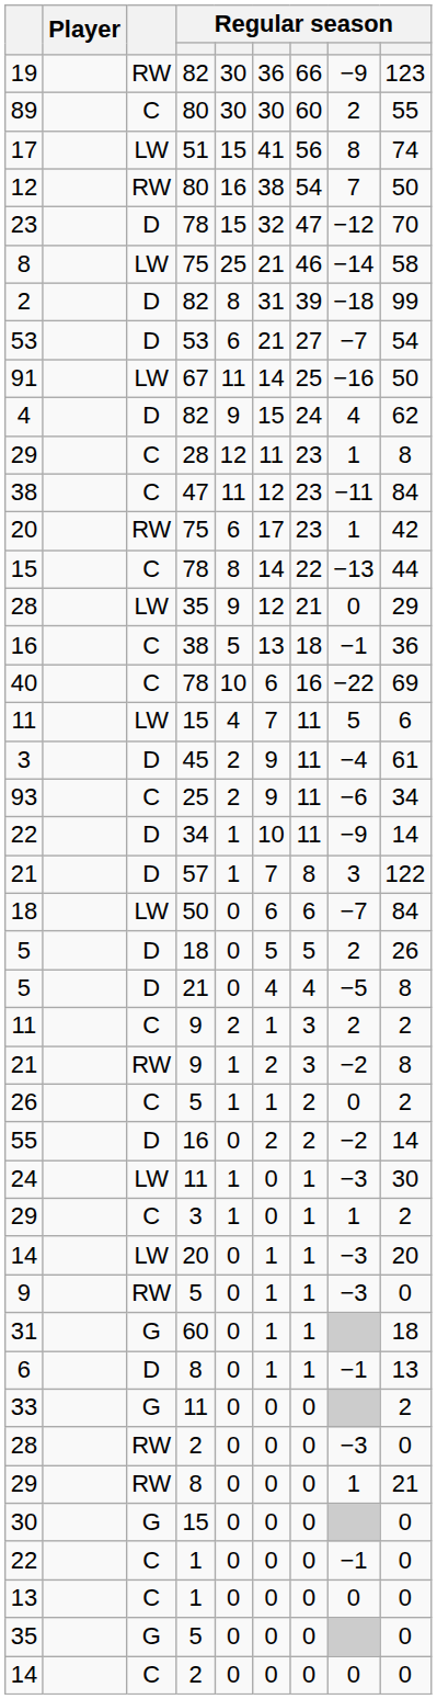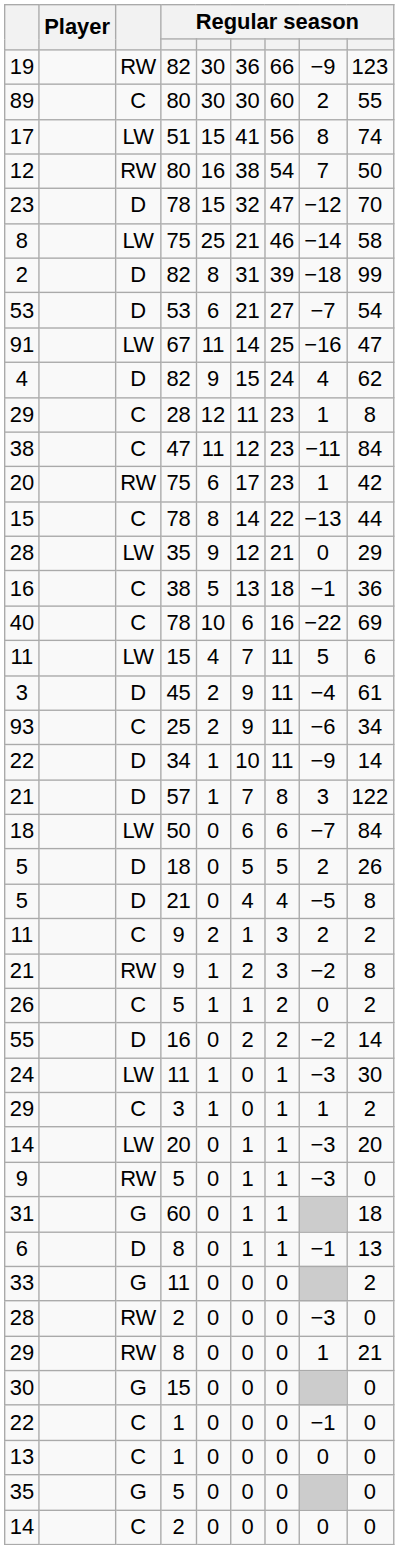 <table class="wikitable sortable plainrowheaders" style="text-align:center;">
 <tr>
 <th scope="col" data-sort-type="number" rowspan="2"></th>
 <th scope="col" rowspan="2">Player</th>
 <th scope="col" rowspan="2"></th>
 <th scope=colgroup colspan=6>Regular season</th>
 </tr>
 <tr>
 <th scope="col" data-sort-type="number"></th>
 <th scope="col" data-sort-type="number"></th>
 <th scope="col" data-sort-type="number"></th>
 <th scope="col" data-sort-type="number"></th>
 <th scope="col" data-sort-type="number"></th>
 <th scope="col" data-sort-type="number"></th>
 </tr>
 <tr>
 <td scope="row">19</td>
 <td align="left"></td>
 <td>RW</td>
 <td>82</td>
 <td>30</td>
 <td>36</td>
 <td>66</td>
 <td>−9</td>
 <td>123</td>
 </tr>
 <tr>
 <td scope="row">89</td>
 <td align="left"></td>
 <td>C</td>
 <td>80</td>
 <td>30</td>
 <td>30</td>
 <td>60</td>
 <td>2</td>
 <td>55</td>
 </tr>
 <tr>
 <td scope="row">17</td>
 <td align="left"></td>
 <td>LW</td>
 <td>51</td>
 <td>15</td>
 <td>41</td>
 <td>56</td>
 <td>8</td>
 <td>74</td>
 </tr>
 <tr>
 <td scope="row">12</td>
 <td align="left"></td>
 <td>RW</td>
 <td>80</td>
 <td>16</td>
 <td>38</td>
 <td>54</td>
 <td>7</td>
 <td>50</td>
 </tr>
 <tr>
 <td scope="row">23</td>
 <td align="left"></td>
 <td>D</td>
 <td>78</td>
 <td>15</td>
 <td>32</td>
 <td>47</td>
 <td>−12</td>
 <td>70</td>
 </tr>
 <tr>
 <td scope="row">8</td>
 <td align="left"></td>
 <td>LW</td>
 <td>75</td>
 <td>25</td>
 <td>21</td>
 <td>46</td>
 <td>−14</td>
 <td>58</td>
 </tr>
 <tr>
 <td scope="row">2</td>
 <td align="left"></td>
 <td>D</td>
 <td>82</td>
 <td>8</td>
 <td>31</td>
 <td>39</td>
 <td>−18</td>
 <td>99</td>
 </tr>
 <tr>
 <td scope="row">53</td>
 <td align="left"></td>
 <td>D</td>
 <td>53</td>
 <td>6</td>
 <td>21</td>
 <td>27</td>
 <td>−7</td>
 <td>54</td>
 </tr>
 <tr>
 <td scope="row">91</td>
 <td align="left"></td>
 <td>LW</td>
 <td>67</td>
 <td>11</td>
 <td>14</td>
 <td>25</td>
 <td>−16</td>
-<td>50</td>
+<td>47</td>
 </tr>
 <tr>
 <td scope="row">4</td>
 <td align="left"></td>
 <td>D</td>
 <td>82</td>
 <td>9</td>
 <td>15</td>
 <td>24</td>
 <td>4</td>
 <td>62</td>
 </tr>
 <tr>
 <td scope="row">29</td>
 <td align="left"></td>
 <td>C</td>
 <td>28</td>
 <td>12</td>
 <td>11</td>
 <td>23</td>
 <td>1</td>
 <td>8</td>
 </tr>
 <tr>
 <td scope="row">38</td>
 <td align="left"></td>
 <td>C</td>
 <td>47</td>
 <td>11</td>
 <td>12</td>
 <td>23</td>
 <td>−11</td>
 <td>84</td>
 </tr>
 <tr>
 <td scope="row">20</td>
 <td align="left"></td>
 <td>RW</td>
 <td>75</td>
 <td>6</td>
 <td>17</td>
 <td>23</td>
 <td>1</td>
 <td>42</td>
 </tr>
 <tr>
 <td scope="row">15</td>
 <td align="left"></td>
 <td>C</td>
 <td>78</td>
 <td>8</td>
 <td>14</td>
 <td>22</td>
 <td>−13</td>
 <td>44</td>
 </tr>
 <tr>
 <td scope="row">28</td>
 <td align="left"></td>
 <td>LW</td>
 <td>35</td>
 <td>9</td>
 <td>12</td>
 <td>21</td>
 <td>0</td>
 <td>29</td>
 </tr>
 <tr>
 <td scope="row">16</td>
 <td align="left"></td>
 <td>C</td>
 <td>38</td>
 <td>5</td>
 <td>13</td>
 <td>18</td>
 <td>−1</td>
 <td>36</td>
 </tr>
 <tr>
 <td scope="row">40</td>
 <td align="left"></td>
 <td>C</td>
 <td>78</td>
 <td>10</td>
 <td>6</td>
 <td>16</td>
 <td>−22</td>
 <td>69</td>
 </tr>
 <tr>
 <td scope="row">11</td>
 <td align="left"></td>
 <td>LW</td>
 <td>15</td>
 <td>4</td>
 <td>7</td>
 <td>11</td>
 <td>5</td>
 <td>6</td>
 </tr>
 <tr>
 <td scope="row">3</td>
 <td align="left"></td>
 <td>D</td>
 <td>45</td>
 <td>2</td>
 <td>9</td>
 <td>11</td>
 <td>−4</td>
 <td>61</td>
 </tr>
 <tr>
 <td scope="row">93</td>
 <td align="left"></td>
 <td>C</td>
 <td>25</td>
 <td>2</td>
 <td>9</td>
 <td>11</td>
 <td>−6</td>
 <td>34</td>
 </tr>
 <tr>
 <td scope="row">22</td>
 <td align="left"></td>
 <td>D</td>
 <td>34</td>
 <td>1</td>
 <td>10</td>
 <td>11</td>
 <td>−9</td>
 <td>14</td>
 </tr>
 <tr>
 <td scope="row">21</td>
 <td align="left"></td>
 <td>D</td>
 <td>57</td>
 <td>1</td>
 <td>7</td>
 <td>8</td>
 <td>3</td>
 <td>122</td>
 </tr>
 <tr>
 <td scope="row">18</td>
 <td align="left"></td>
 <td>LW</td>
 <td>50</td>
 <td>0</td>
 <td>6</td>
 <td>6</td>
 <td>−7</td>
 <td>84</td>
 </tr>
 <tr>
 <td scope="row">5</td>
 <td align="left"></td>
 <td>D</td>
 <td>18</td>
 <td>0</td>
 <td>5</td>
 <td>5</td>
 <td>2</td>
 <td>26</td>
 </tr>
 <tr>
 <td scope="row">5</td>
 <td align="left"></td>
 <td>D</td>
 <td>21</td>
 <td>0</td>
 <td>4</td>
 <td>4</td>
 <td>−5</td>
 <td>8</td>
 </tr>
 <tr>
 <td scope="row">11</td>
 <td align="left"></td>
 <td>C</td>
 <td>9</td>
 <td>2</td>
 <td>1</td>
 <td>3</td>
 <td>2</td>
 <td>2</td>
 </tr>
 <tr>
 <td scope="row">21</td>
 <td align="left"></td>
 <td>RW</td>
 <td>9</td>
 <td>1</td>
 <td>2</td>
 <td>3</td>
 <td>−2</td>
 <td>8</td>
 </tr>
 <tr>
 <td scope="row">26</td>
 <td align="left"></td>
 <td>C</td>
 <td>5</td>
 <td>1</td>
 <td>1</td>
 <td>2</td>
 <td>0</td>
 <td>2</td>
 </tr>
 <tr>
 <td scope="row">55</td>
 <td align="left"></td>
 <td>D</td>
 <td>16</td>
 <td>0</td>
 <td>2</td>
 <td>2</td>
 <td>−2</td>
 <td>14</td>
 </tr>
 <tr>
 <td scope="row">24</td>
 <td align="left"></td>
 <td>LW</td>
 <td>11</td>
 <td>1</td>
 <td>0</td>
 <td>1</td>
 <td>−3</td>
 <td>30</td>
 </tr>
 <tr>
 <td scope="row">29</td>
 <td align="left"></td>
 <td>C</td>
 <td>3</td>
 <td>1</td>
 <td>0</td>
 <td>1</td>
 <td>1</td>
 <td>2</td>
 </tr>
 <tr>
 <td scope="row">14</td>
 <td align="left"></td>
 <td>LW</td>
 <td>20</td>
 <td>0</td>
 <td>1</td>
 <td>1</td>
 <td>−3</td>
 <td>20</td>
 </tr>
 <tr>
 <td scope="row">9</td>
 <td align="left"></td>
 <td>RW</td>
 <td>5</td>
 <td>0</td>
 <td>1</td>
 <td>1</td>
 <td>−3</td>
 <td>0</td>
 </tr>
 <tr>
 <td scope="row">31</td>
 <td align="left"></td>
 <td>G</td>
 <td>60</td>
 <td>0</td>
 <td>1</td>
 <td>1</td>
 <td style="background:#ccc"></td>
 <td>18</td>
 </tr>
 <tr>
 <td scope="row">6</td>
 <td align="left"></td>
 <td>D</td>
 <td>8</td>
 <td>0</td>
 <td>1</td>
 <td>1</td>
 <td>−1</td>
 <td>13</td>
 </tr>
 <tr>
 <td scope="row">33</td>
 <td align="left"></td>
 <td>G</td>
 <td>11</td>
 <td>0</td>
 <td>0</td>
 <td>0</td>
 <td style="background:#ccc"></td>
 <td>2</td>
 </tr>
 <tr>
 <td scope="row">28</td>
 <td align="left"></td>
 <td>RW</td>
 <td>2</td>
 <td>0</td>
 <td>0</td>
 <td>0</td>
 <td>−3</td>
 <td>0</td>
 </tr>
 <tr>
 <td scope="row">29</td>
 <td align="left"></td>
 <td>RW</td>
 <td>8</td>
 <td>0</td>
 <td>0</td>
 <td>0</td>
 <td>1</td>
 <td>21</td>
 </tr>
 <tr>
 <td scope="row">30</td>
 <td align="left"></td>
 <td>G</td>
 <td>15</td>
 <td>0</td>
 <td>0</td>
 <td>0</td>
 <td style="background:#ccc"></td>
 <td>0</td>
 </tr>
 <tr>
 <td scope="row">22</td>
 <td align="left"></td>
 <td>C</td>
 <td>1</td>
 <td>0</td>
 <td>0</td>
 <td>0</td>
 <td>−1</td>
 <td>0</td>
 </tr>
 <tr>
 <td scope="row">13</td>
 <td align="left"></td>
 <td>C</td>
 <td>1</td>
 <td>0</td>
 <td>0</td>
 <td>0</td>
 <td>0</td>
 <td>0</td>
 </tr>
 <tr>
 <td scope="row">35</td>
 <td align="left"></td>
 <td>G</td>
 <td>5</td>
 <td>0</td>
 <td>0</td>
 <td>0</td>
 <td style="background:#ccc"></td>
 <td>0</td>
 </tr>
 <tr>
 <td scope="row">14</td>
 <td align="left"></td>
 <td>C</td>
 <td>2</td>
 <td>0</td>
 <td>0</td>
 <td>0</td>
 <td>0</td>
 <td>0</td>
 </tr>
 </table>
